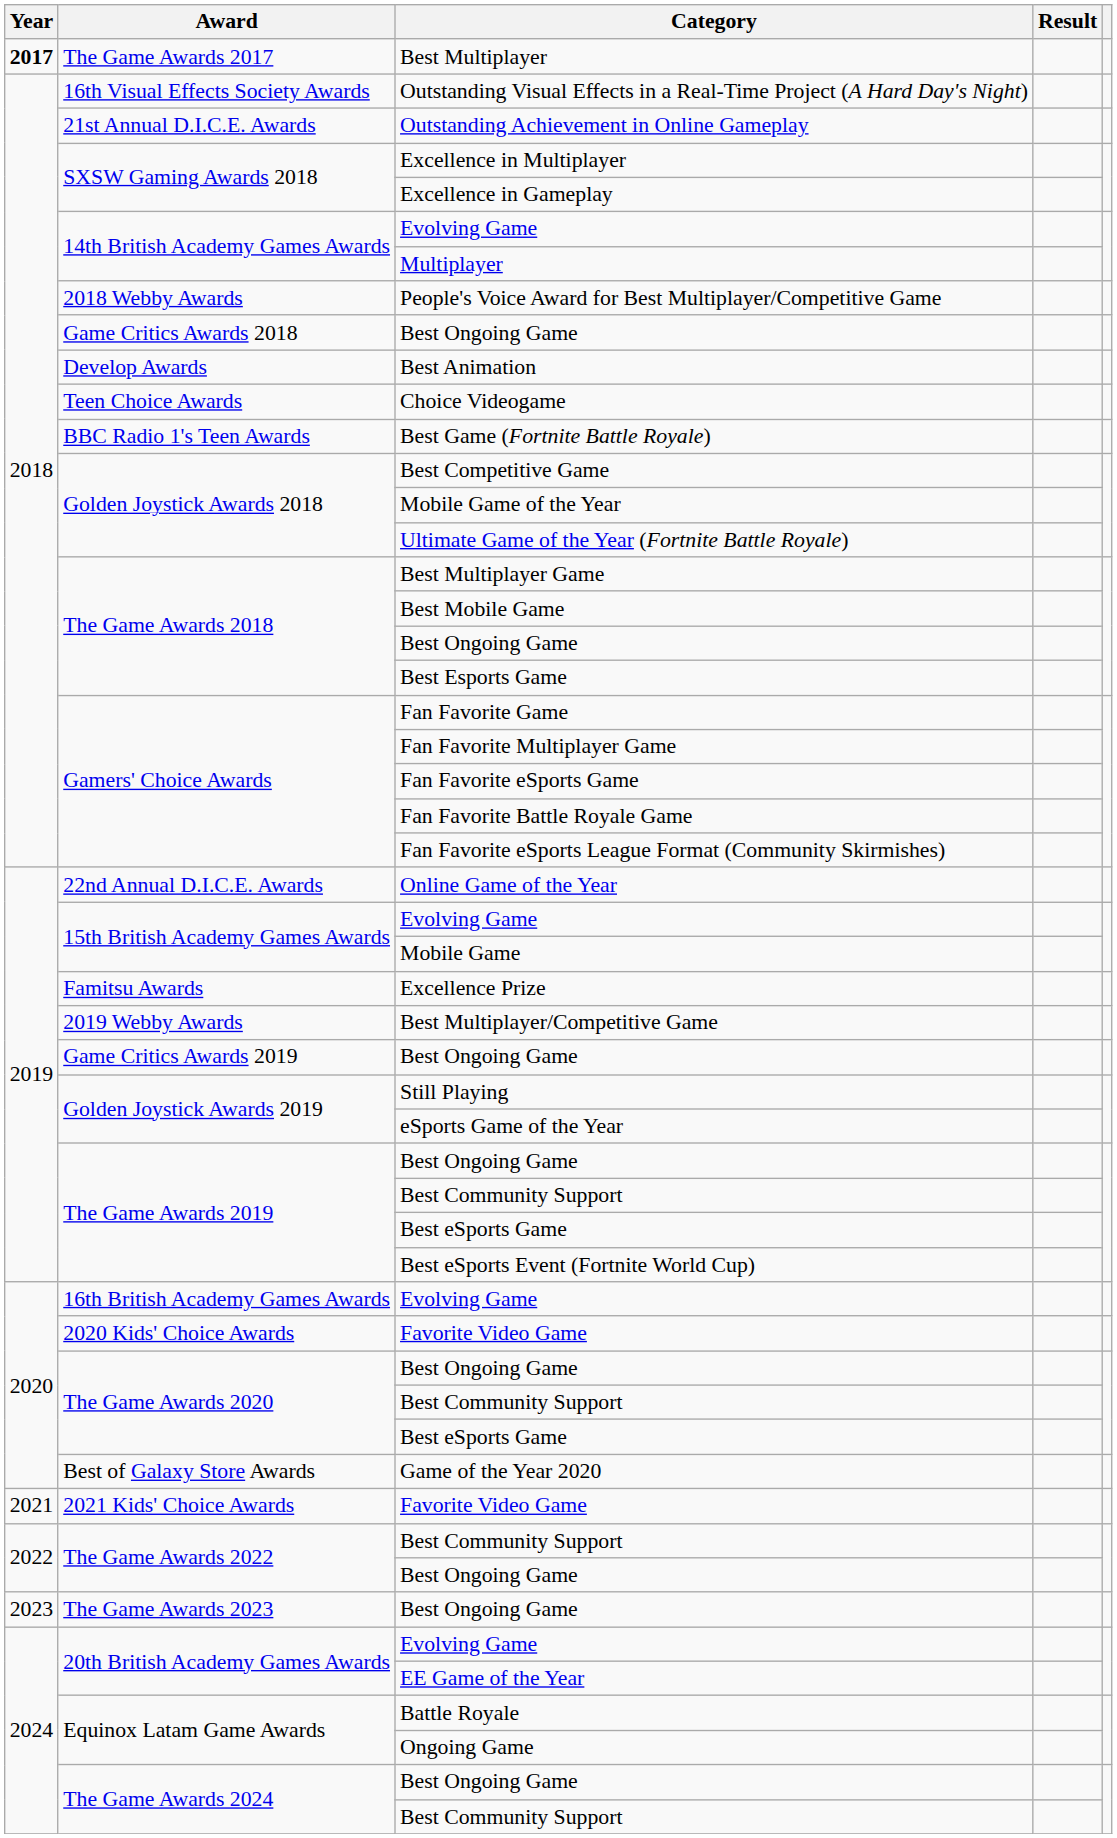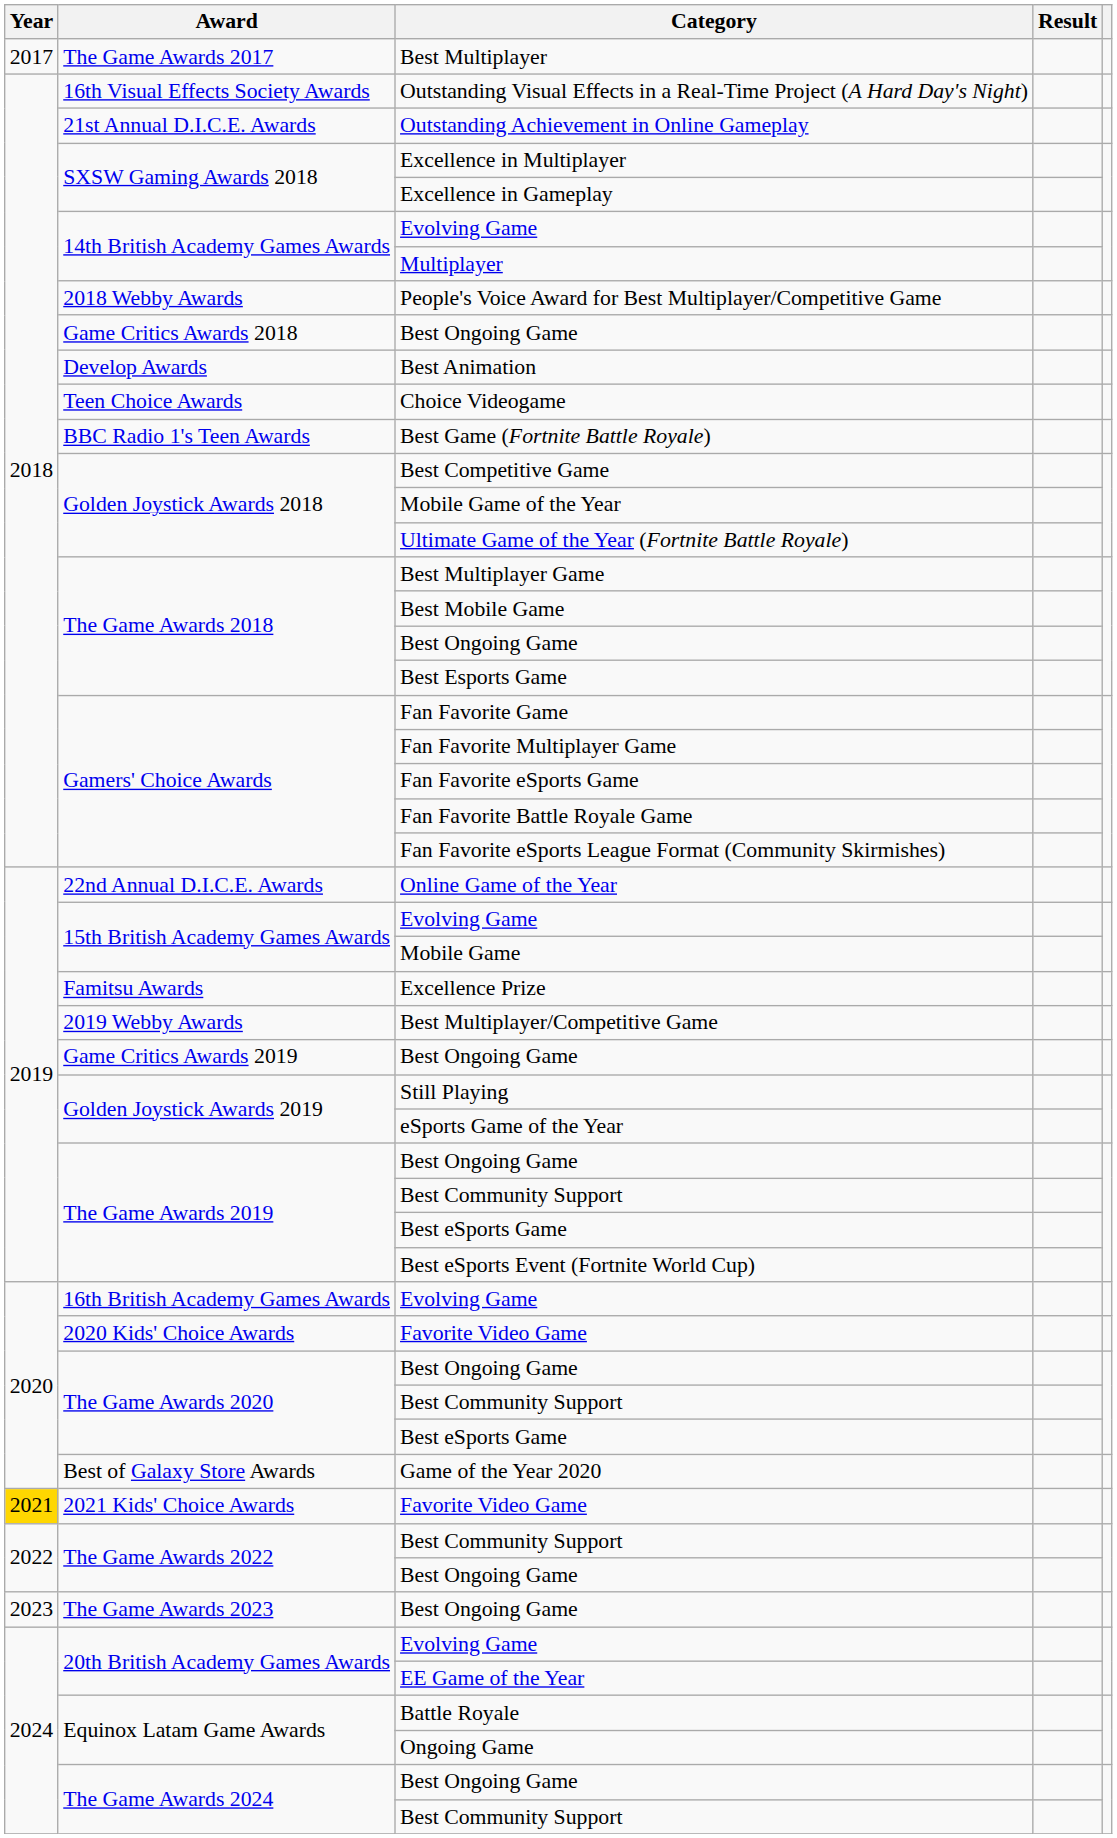 <table class="wikitable sortable">
 <tr>
 <th scope="col">Year</th>
 <th scope="col">Award</th>
 <th scope="col">Category</th>
 <th scope="col">Result</th>
 <th scope="col" class="unsortable"></th>
 </tr>
 <tr>
-<td style="text-align:center;" rowspan="1"><strong>2017</strong></td>
+<td style="text-align:center;" rowspan="1">2017</td>
 <td><a href='#'>The Game Awards 2017</a></td>
 <td>Best Multiplayer</td>
 <td></td>
 <td rowspan="1" style="text-align:center;"></td>
 </tr>
 <tr>
 <td rowspan="23" style="text-align:center;">2018</td>
 <td><a href='#'>16th Visual Effects Society Awards</a></td>
 <td>Outstanding Visual Effects in a Real-Time Project (<em>A Hard Day's Night</em>)</td>
 <td></td>
 <td style="text-align:center;"></td>
 </tr>
 <tr>
 <td><a href='#'>21st Annual D.I.C.E. Awards</a></td>
 <td><a href='#'>Outstanding Achievement in Online Gameplay</a></td>
 <td></td>
 <td style="text-align:center;"></td>
 </tr>
 <tr>
 <td rowspan="2"><a href='#'>SXSW Gaming Awards</a> 2018</td>
 <td>Excellence in Multiplayer</td>
 <td></td>
 <td rowspan="2" style="text-align:center;"></td>
 </tr>
 <tr>
 <td>Excellence in Gameplay</td>
 <td></td>
 </tr>
 <tr>
 <td rowspan="2"><a href='#'>14th British Academy Games Awards</a></td>
 <td><a href='#'>Evolving Game</a></td>
 <td></td>
 <td rowspan="2" style="text-align:center;"></td>
 </tr>
 <tr>
 <td><a href='#'>Multiplayer</a></td>
 <td></td>
 </tr>
 <tr>
 <td><a href='#'>2018 Webby Awards</a></td>
 <td>People's Voice Award for Best Multiplayer/Competitive Game</td>
 <td></td>
 <td style="text-align:center;"></td>
 </tr>
 <tr>
 <td><a href='#'>Game Critics Awards</a> 2018</td>
 <td>Best Ongoing Game</td>
 <td></td>
 <td style="text-align:center;"></td>
 </tr>
 <tr>
 <td><a href='#'>Develop Awards</a></td>
 <td>Best Animation</td>
 <td></td>
 <td style="text-align:center;"></td>
 </tr>
 <tr>
 <td><a href='#'>Teen Choice Awards</a></td>
 <td>Choice Videogame</td>
 <td></td>
 <td style="text-align:center;"></td>
 </tr>
 <tr>
 <td><a href='#'>BBC Radio 1's Teen Awards</a></td>
 <td>Best Game (<em>Fortnite Battle Royale</em>)</td>
 <td></td>
 <td style="text-align:center;"></td>
 </tr>
 <tr>
 <td rowspan="3"><a href='#'>Golden Joystick Awards</a> 2018</td>
 <td>Best Competitive Game</td>
 <td></td>
 <td rowspan="3" style="text-align:center;"></td>
 </tr>
 <tr>
 <td>Mobile Game of the Year</td>
 <td></td>
 </tr>
 <tr>
 <td><a href='#'>Ultimate Game of the Year</a> (<em>Fortnite Battle Royale</em>)</td>
 <td></td>
 </tr>
 <tr>
 <td rowspan="4"><a href='#'>The Game Awards 2018</a></td>
 <td>Best Multiplayer Game</td>
 <td></td>
 <td rowspan="4" style="text-align:center;"></td>
 </tr>
 <tr>
 <td>Best Mobile Game</td>
 <td></td>
 </tr>
 <tr>
 <td>Best Ongoing Game</td>
 <td></td>
 </tr>
 <tr>
 <td>Best Esports Game</td>
 <td></td>
 </tr>
 <tr>
 <td rowspan="5"><a href='#'>Gamers' Choice Awards</a></td>
 <td>Fan Favorite Game</td>
 <td></td>
 <td rowspan="5" style="text-align:center;"></td>
 </tr>
 <tr>
 <td>Fan Favorite Multiplayer Game</td>
 <td></td>
 </tr>
 <tr>
 <td>Fan Favorite eSports Game</td>
 <td></td>
 </tr>
 <tr>
 <td>Fan Favorite Battle Royale Game</td>
 <td></td>
 </tr>
 <tr>
 <td>Fan Favorite eSports League Format (Community Skirmishes)</td>
 <td></td>
 </tr>
 <tr>
 <td rowspan="12" style="text-align:center;">2019</td>
 <td><a href='#'>22nd Annual D.I.C.E. Awards</a></td>
 <td><a href='#'>Online Game of the Year</a></td>
 <td></td>
 <td style="text-align:center;"></td>
 </tr>
 <tr>
 <td rowspan="2"><a href='#'>15th British Academy Games Awards</a></td>
 <td><a href='#'>Evolving Game</a></td>
 <td></td>
 <td rowspan="2" style="text-align:center;"></td>
 </tr>
 <tr>
 <td>Mobile Game</td>
 <td></td>
 </tr>
 <tr>
 <td><a href='#'>Famitsu Awards</a></td>
 <td>Excellence Prize</td>
 <td></td>
 <td style="text-align:center;"></td>
 </tr>
 <tr>
 <td><a href='#'>2019 Webby Awards</a></td>
 <td>Best Multiplayer/Competitive Game</td>
 <td></td>
 <td style="text-align:center;"></td>
 </tr>
 <tr>
 <td><a href='#'>Game Critics Awards</a> 2019</td>
 <td>Best Ongoing Game</td>
 <td></td>
 <td style="text-align:center;"></td>
 </tr>
 <tr>
 <td rowspan="2"><a href='#'>Golden Joystick Awards</a> 2019</td>
 <td>Still Playing</td>
 <td></td>
 <td rowspan="2" style="text-align:center;"></td>
 </tr>
 <tr>
 <td>eSports Game of the Year</td>
 <td></td>
 </tr>
 <tr>
 <td rowspan="4"><a href='#'>The Game Awards 2019</a></td>
 <td>Best Ongoing Game</td>
 <td></td>
 <td rowspan="4" style="text-align:center;"></td>
 </tr>
 <tr>
 <td>Best Community Support</td>
 <td></td>
 </tr>
 <tr>
 <td>Best eSports Game</td>
 <td></td>
 </tr>
 <tr>
 <td>Best eSports Event (Fortnite World Cup)</td>
 <td></td>
 </tr>
 <tr>
 <td rowspan="6" style="text-align:center;">2020</td>
 <td><a href='#'>16th British Academy Games Awards</a></td>
 <td><a href='#'>Evolving Game</a></td>
 <td></td>
 <td style="text-align:center;"></td>
 </tr>
 <tr>
 <td><a href='#'>2020 Kids' Choice Awards</a></td>
 <td><a href='#'>Favorite Video Game</a></td>
 <td></td>
 <td style="text-align:center;"></td>
 </tr>
 <tr>
 <td rowspan="3"><a href='#'>The Game Awards 2020</a></td>
 <td>Best Ongoing Game</td>
 <td></td>
 <td rowspan="3" style="text-align:center;"></td>
 </tr>
 <tr>
 <td>Best Community Support</td>
 <td></td>
 </tr>
 <tr>
 <td>Best eSports Game</td>
 <td></td>
 </tr>
 <tr>
 <td>Best of <a href='#'>Galaxy Store</a> Awards</td>
 <td>Game of the Year 2020</td>
 <td></td>
 <td style="text-align:center;"></td>
 </tr>
 <tr>
-<td style="text-align:center">2021</td>
+<td style="background: gold; text-align:center">2021</td>
 <td><a href='#'>2021 Kids' Choice Awards</a></td>
 <td><a href='#'>Favorite Video Game</a></td>
 <td></td>
 <td style="text-align:center;"></td>
 </tr>
 <tr>
 <td rowspan=2 style="text-align:center">2022</td>
 <td rowspan=2><a href='#'>The Game Awards 2022</a></td>
 <td>Best Community Support</td>
 <td></td>
 <td rowspan=2 style="text-align:center;"></td>
 </tr>
 <tr>
 <td>Best Ongoing Game</td>
 <td></td>
 </tr>
 <tr>
 <td style="text-align:center">2023</td>
 <td><a href='#'>The Game Awards 2023</a></td>
 <td>Best Ongoing Game</td>
 <td></td>
 <td style="text-align:center;"></td>
 </tr>
 <tr>
 <td rowspan="6" style="text-align:center;">2024</td>
 <td rowspan="2"><a href='#'>20th British Academy Games Awards</a></td>
 <td><a href='#'>Evolving Game</a></td>
 <td></td>
 <td rowspan="2" style="text-align:center;"></td>
 </tr>
 <tr>
 <td><a href='#'>EE Game of the Year</a></td>
 <td></td>
 </tr>
 <tr>
 <td rowspan="2">Equinox Latam Game Awards</td>
 <td>Battle Royale</td>
 <td></td>
 <td rowspan="2" style="text-align:center;"></td>
 </tr>
 <tr>
 <td>Ongoing Game</td>
 <td></td>
 </tr>
 <tr>
 <td rowspan="2"><a href='#'>The Game Awards 2024</a></td>
 <td>Best Ongoing Game</td>
 <td></td>
 <td rowspan="2" style="text-align:center;"></td>
 </tr>
 <tr>
 <td>Best Community Support</td>
 <td></td>
 </tr>
 </table>
